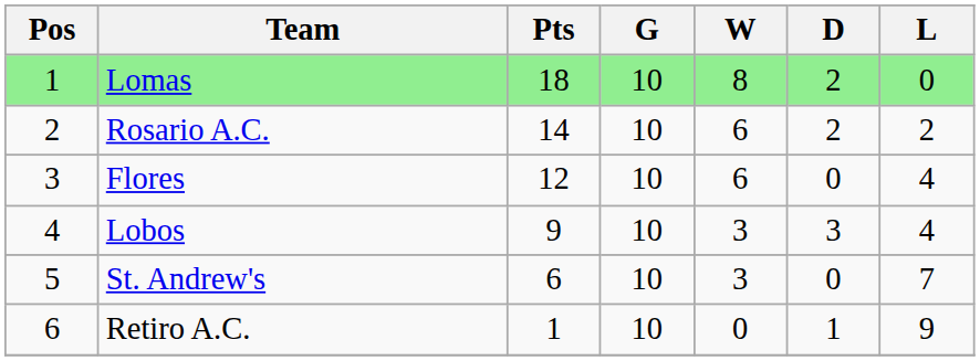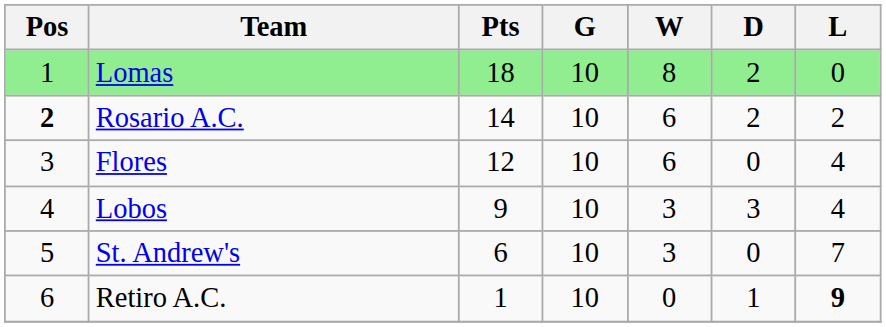 <table class="wikitable" style="text-align:center">
 <tr>
 <th width=40px>Pos</th>
 <th width=200px>Team</th>
 <th width=40px>Pts</th>
 <th width=40px>G</th>
 <th width=40px>W</th>
 <th width=40px>D</th>
 <th width=40px>L</th>
 </tr>
 <tr align=center bgcolor="lightgreen">
 <td>1</td>
 <td align=left><a href='#'>Lomas</a></td>
 <td>18</td>
 <td>10</td>
 <td>8</td>
 <td>2</td>
 <td>0</td>
 </tr>
 <tr>
-<td>2</td>
+<td><strong>2</strong></td>
 <td align=left><a href='#'>Rosario A.C.</a></td>
 <td>14</td>
 <td>10</td>
 <td>6</td>
 <td>2</td>
 <td>2</td>
 </tr>
 <tr>
 <td>3</td>
 <td align=left><a href='#'>Flores</a></td>
 <td>12</td>
 <td>10</td>
 <td>6</td>
 <td>0</td>
 <td>4</td>
 </tr>
 <tr>
 <td>4</td>
 <td align=left><a href='#'>Lobos</a></td>
 <td>9</td>
 <td>10</td>
 <td>3</td>
 <td>3</td>
 <td>4</td>
 </tr>
 <tr>
 <td>5</td>
 <td align=left><a href='#'>St. Andrew's</a></td>
 <td>6</td>
 <td>10</td>
 <td>3</td>
 <td>0</td>
 <td>7</td>
 </tr>
 <tr>
 <td>6</td>
 <td align=left>Retiro A.C.</td>
 <td>1</td>
 <td>10</td>
 <td>0</td>
 <td>1</td>
-<td>9</td>
+<td><strong>9</strong></td>
 </tr>
 <tr>
 </tr>
 </table>
